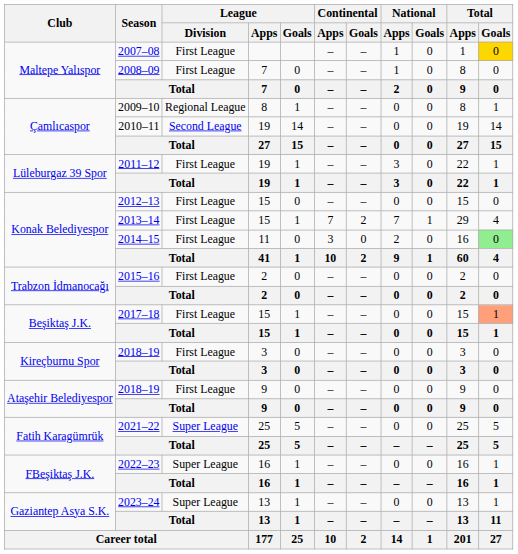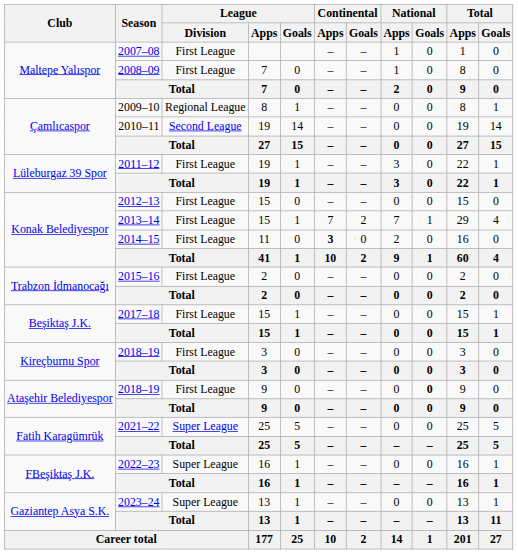 <table class="wikitable" style="text-align: center;">
 <tr>
 <th rowspan=2>Club</th>
 <th rowspan=2>Season</th>
 <th colspan=3>League</th>
 <th colspan=2>Continental</th>
 <th colspan=2>National</th>
 <th colspan=2>Total</th>
 </tr>
 <tr>
 <th>Division</th>
 <th>Apps</th>
 <th>Goals</th>
 <th>Apps</th>
 <th>Goals</th>
 <th>Apps</th>
 <th>Goals</th>
 <th>Apps</th>
 <th>Goals</th>
 </tr>
 <tr>
 <td rowspan=3><a href='#'>Maltepe Yalıspor</a></td>
 <td><a href='#'>2007–08</a></td>
 <td>First League</td>
 <td></td>
 <td></td>
 <td>–</td>
 <td>–</td>
 <td>1</td>
 <td>0</td>
 <td>1</td>
-<td style="background: gold;">0</td>
+<td>0</td>
 </tr>
 <tr>
 <td><a href='#'>2008–09</a></td>
 <td>First League</td>
 <td>7</td>
 <td>0</td>
 <td>–</td>
 <td>–</td>
 <td>1</td>
 <td>0</td>
 <td>8</td>
 <td>0</td>
 </tr>
 <tr>
 <th colspan=2>Total</th>
 <th>7</th>
 <th>0</th>
 <th>–</th>
 <th>–</th>
 <th>2</th>
 <th>0</th>
 <th>9</th>
 <th>0</th>
 </tr>
 <tr>
 <td rowspan=3><a href='#'>Çamlıcaspor</a></td>
 <td>2009–10</td>
 <td>Regional League</td>
 <td>8</td>
 <td>1</td>
 <td>–</td>
 <td>–</td>
 <td>0</td>
 <td>0</td>
 <td>8</td>
 <td>1</td>
 </tr>
 <tr>
 <td>2010–11</td>
 <td><a href='#'>Second League</a></td>
 <td>19</td>
 <td>14</td>
 <td>–</td>
 <td>–</td>
 <td>0</td>
 <td>0</td>
 <td>19</td>
 <td>14</td>
 </tr>
 <tr>
 <th colspan=2>Total</th>
 <th>27</th>
 <th>15</th>
 <th>–</th>
 <th>–</th>
 <th>0</th>
 <th>0</th>
 <th>27</th>
 <th>15</th>
 </tr>
 <tr>
 <td rowspan=2><a href='#'>Lüleburgaz 39 Spor</a></td>
 <td><a href='#'>2011–12</a></td>
 <td>First League</td>
 <td>19</td>
 <td>1</td>
 <td>–</td>
 <td>–</td>
 <td>3</td>
 <td>0</td>
 <td>22</td>
 <td>1</td>
 </tr>
 <tr>
 <th colspan=2>Total</th>
 <th>19</th>
 <th>1</th>
 <th>–</th>
 <th>–</th>
 <th>3</th>
 <th>0</th>
 <th>22</th>
 <th>1</th>
 </tr>
 <tr>
 <td rowspan=4><a href='#'>Konak Belediyespor</a></td>
 <td><a href='#'>2012–13</a></td>
 <td>First League</td>
 <td>15</td>
 <td>0</td>
 <td>–</td>
 <td>–</td>
 <td>0</td>
 <td>0</td>
 <td>15</td>
 <td>0</td>
 </tr>
 <tr>
 <td><a href='#'>2013–14</a></td>
 <td>First League</td>
 <td>15</td>
 <td>1</td>
 <td>7</td>
 <td>2</td>
 <td>7</td>
 <td>1</td>
 <td>29</td>
 <td>4</td>
 </tr>
 <tr>
 <td><a href='#'>2014–15</a></td>
 <td>First League</td>
 <td>11</td>
 <td>0</td>
-<td>3</td>
+<td><strong>3</strong></td>
 <td>0</td>
 <td>2</td>
 <td>0</td>
 <td>16</td>
-<td style="background: lightgreen;">0</td>
+<td>0</td>
 </tr>
 <tr>
 <th colspan=2>Total</th>
 <th>41</th>
 <th>1</th>
 <th>10</th>
 <th>2</th>
 <th>9</th>
 <th>1</th>
 <th>60</th>
 <th>4</th>
 </tr>
 <tr>
 <td rowspan=2><a href='#'>Trabzon İdmanocağı</a></td>
 <td><a href='#'>2015–16</a></td>
 <td>First League</td>
 <td>2</td>
 <td>0</td>
 <td>–</td>
 <td>–</td>
 <td>0</td>
 <td>0</td>
 <td>2</td>
 <td>0</td>
 </tr>
 <tr>
 <th colspan=2>Total</th>
 <th>2</th>
 <th>0</th>
 <th>–</th>
 <th>–</th>
 <th>0</th>
 <th>0</th>
 <th>2</th>
 <th>0</th>
 </tr>
 <tr>
 <td rowspan=2><a href='#'>Beşiktaş J.K.</a></td>
 <td><a href='#'>2017–18</a></td>
 <td>First League</td>
 <td>15</td>
 <td>1</td>
 <td>–</td>
 <td>–</td>
 <td>0</td>
 <td>0</td>
 <td>15</td>
-<td style="background: lightsalmon;">1</td>
+<td>1</td>
 </tr>
 <tr>
 <th colspan=2>Total</th>
 <th>15</th>
 <th>1</th>
 <th>–</th>
 <th>–</th>
 <th>0</th>
 <th>0</th>
 <th>15</th>
 <th>1</th>
 </tr>
 <tr>
 <td rowspan=2><a href='#'>Kireçburnu Spor</a></td>
 <td><a href='#'>2018–19</a></td>
 <td>First League</td>
 <td>3</td>
 <td>0</td>
 <td>–</td>
 <td>–</td>
 <td>0</td>
 <td>0</td>
 <td>3</td>
 <td>0</td>
 </tr>
 <tr>
 <th colspan=2>Total</th>
 <th>3</th>
 <th>0</th>
 <th>–</th>
 <th>–</th>
 <th>0</th>
 <th>0</th>
 <th>3</th>
 <th>0</th>
 </tr>
 <tr>
 <td rowspan=2><a href='#'>Ataşehir Belediyespor</a></td>
 <td><a href='#'>2018–19</a></td>
 <td>First League</td>
 <td>9</td>
 <td>0</td>
 <td>–</td>
 <td>–</td>
 <td>0</td>
-<td>0</td>
+<td><strong>0</strong></td>
 <td>9</td>
 <td>0</td>
 </tr>
 <tr>
 <th colspan=2>Total</th>
 <th>9</th>
 <th>0</th>
 <th>–</th>
 <th>–</th>
 <th>0</th>
 <th>0</th>
 <th>9</th>
 <th>0</th>
 </tr>
 <tr>
 <td rowspan=2><a href='#'>Fatih Karagümrük</a></td>
 <td><a href='#'>2021–22</a></td>
 <td><a href='#'>Super League</a></td>
 <td>25</td>
 <td>5</td>
 <td>–</td>
 <td>–</td>
 <td>0</td>
 <td>0</td>
 <td>25</td>
 <td>5</td>
 </tr>
 <tr>
 <th colspan="2">Total</th>
 <th>25</th>
 <th>5</th>
 <th>–</th>
 <th>–</th>
 <th>–</th>
 <th>–</th>
 <th>25</th>
 <th>5</th>
 </tr>
 <tr>
 <td rowspan=2><a href='#'>FBeşiktaş J.K.</a></td>
 <td><a href='#'>2022–23</a></td>
 <td>Super League</td>
 <td>16</td>
 <td>1</td>
 <td>–</td>
 <td>–</td>
 <td>0</td>
 <td>0</td>
 <td>16</td>
 <td>1</td>
 </tr>
 <tr>
 <th colspan="2">Total</th>
 <th>16</th>
 <th>1</th>
 <th>–</th>
 <th>–</th>
 <th>–</th>
 <th>–</th>
 <th>16</th>
 <th>1</th>
 </tr>
 <tr>
 <td rowspan=2><a href='#'>Gaziantep Asya S.K.</a></td>
 <td><a href='#'>2023–24</a></td>
 <td>Super League</td>
 <td>13</td>
 <td>1</td>
 <td>–</td>
 <td>–</td>
 <td>0</td>
 <td>0</td>
 <td>13</td>
 <td>1</td>
 </tr>
 <tr>
 <th colspan="2">Total</th>
 <th>13</th>
 <th>1</th>
 <th>–</th>
 <th>–</th>
 <th>–</th>
 <th>–</th>
 <th>13</th>
 <th>11</th>
 </tr>
 <tr>
 <th colspan=3>Career total</th>
 <th>177</th>
 <th>25</th>
 <th>10</th>
 <th>2</th>
 <th>14</th>
 <th>1</th>
 <th>201</th>
 <th>27</th>
 </tr>
 </table>
